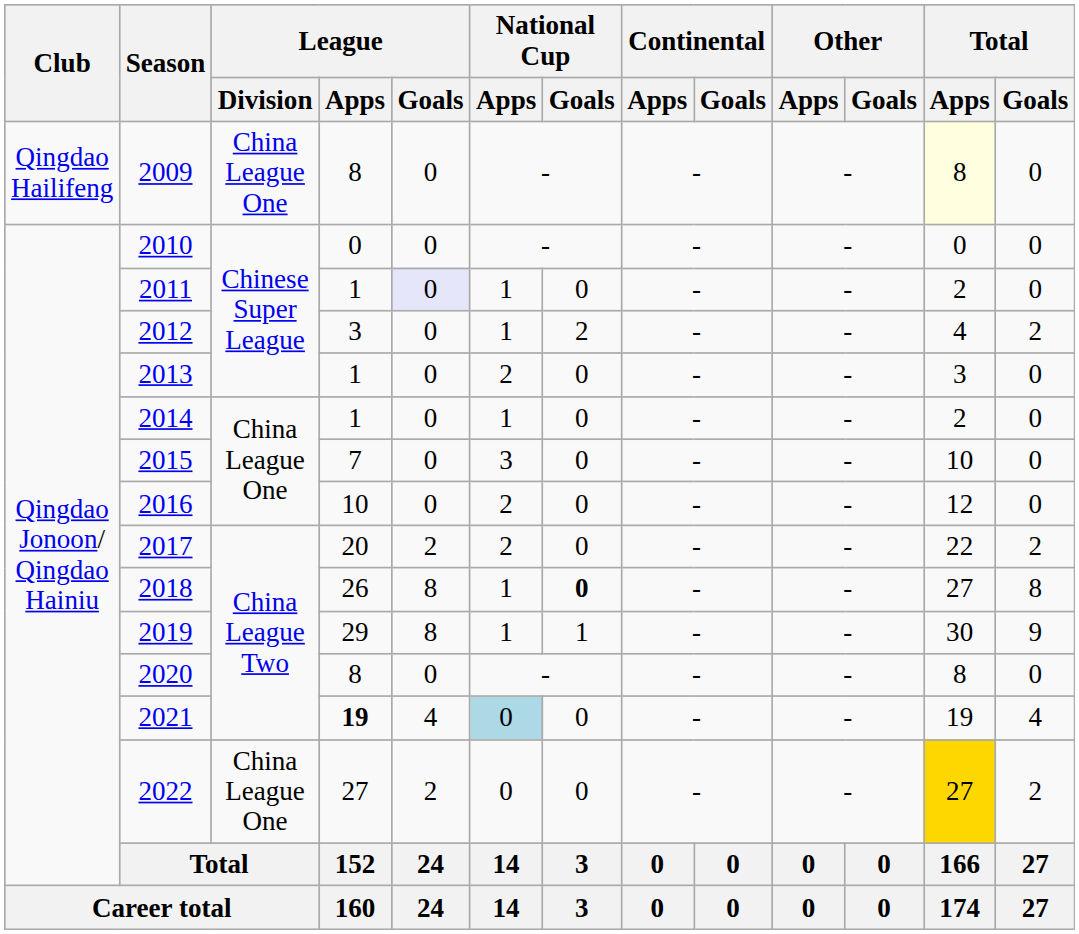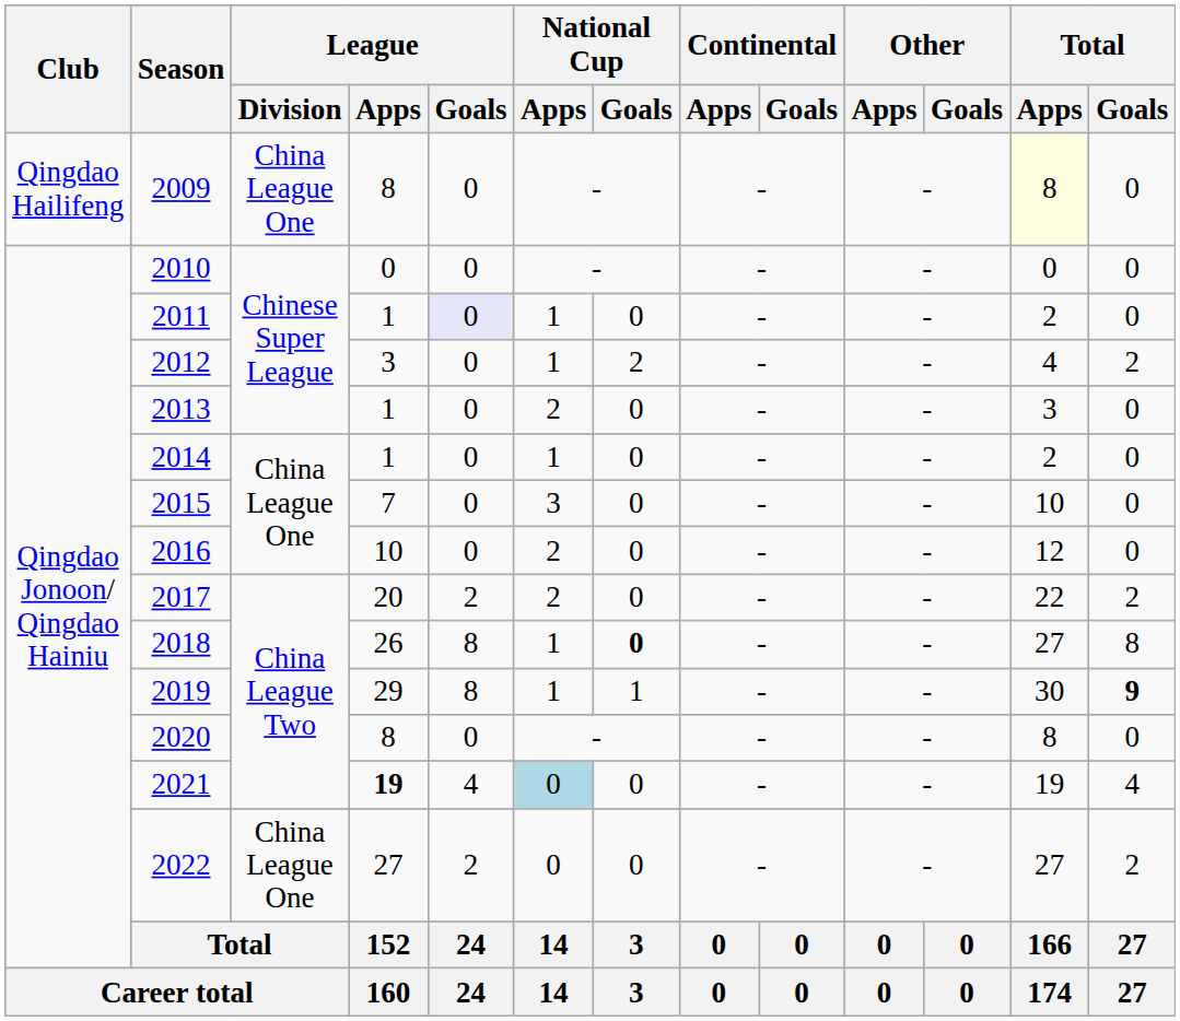 <table class="wikitable" style="text-align: center">
 <tr>
 <th rowspan="2">Club</th>
 <th rowspan="2">Season</th>
 <th colspan="3">League</th>
 <th colspan="2">National Cup</th>
 <th colspan="2">Continental</th>
 <th colspan="2">Other</th>
 <th colspan="2">Total</th>
 </tr>
 <tr>
 <th>Division</th>
 <th>Apps</th>
 <th>Goals</th>
 <th>Apps</th>
 <th>Goals</th>
 <th>Apps</th>
 <th>Goals</th>
 <th>Apps</th>
 <th>Goals</th>
 <th>Apps</th>
 <th>Goals</th>
 </tr>
 <tr>
 <td><a href='#'>Qingdao Hailifeng</a></td>
 <td><a href='#'>2009</a></td>
 <td><a href='#'>China League One</a></td>
 <td>8</td>
 <td>0</td>
 <td colspan="2">-</td>
 <td colspan="2">-</td>
 <td colspan="2">-</td>
 <td style="background: lightyellow;">8</td>
 <td>0</td>
 </tr>
 <tr>
 <td rowspan=14><a href='#'>Qingdao Jonoon</a>/ <br><a href='#'>Qingdao Hainiu</a></td>
 <td><a href='#'>2010</a></td>
 <td rowspan="4"><a href='#'>Chinese Super League</a></td>
 <td>0</td>
 <td>0</td>
 <td colspan="2">-</td>
 <td colspan="2">-</td>
 <td colspan="2">-</td>
 <td>0</td>
 <td>0</td>
 </tr>
 <tr>
 <td><a href='#'>2011</a></td>
 <td>1</td>
 <td style="background: lavender;">0</td>
 <td>1</td>
 <td>0</td>
 <td colspan="2">-</td>
 <td colspan="2">-</td>
 <td>2</td>
 <td>0</td>
 </tr>
 <tr>
 <td><a href='#'>2012</a></td>
 <td>3</td>
 <td>0</td>
 <td>1</td>
 <td>2</td>
 <td colspan="2">-</td>
 <td colspan="2">-</td>
 <td>4</td>
 <td>2</td>
 </tr>
 <tr>
 <td><a href='#'>2013</a></td>
 <td>1</td>
 <td>0</td>
 <td>2</td>
 <td>0</td>
 <td colspan="2">-</td>
 <td colspan="2">-</td>
 <td>3</td>
 <td>0</td>
 </tr>
 <tr>
 <td><a href='#'>2014</a></td>
 <td rowspan="3">China League One</td>
 <td>1</td>
 <td>0</td>
 <td>1</td>
 <td>0</td>
 <td colspan="2">-</td>
 <td colspan="2">-</td>
 <td>2</td>
 <td>0</td>
 </tr>
 <tr>
 <td><a href='#'>2015</a></td>
 <td>7</td>
 <td>0</td>
 <td>3</td>
 <td>0</td>
 <td colspan="2">-</td>
 <td colspan="2">-</td>
 <td>10</td>
 <td>0</td>
 </tr>
 <tr>
 <td><a href='#'>2016</a></td>
 <td>10</td>
 <td>0</td>
 <td>2</td>
 <td>0</td>
 <td colspan="2">-</td>
 <td colspan="2">-</td>
 <td>12</td>
 <td>0</td>
 </tr>
 <tr>
 <td><a href='#'>2017</a></td>
 <td rowspan=5><a href='#'>China League Two</a></td>
 <td>20</td>
 <td>2</td>
 <td>2</td>
 <td>0</td>
 <td colspan="2">-</td>
 <td colspan="2">-</td>
 <td>22</td>
 <td>2</td>
 </tr>
 <tr>
 <td><a href='#'>2018</a></td>
 <td>26</td>
 <td>8</td>
 <td>1</td>
 <td><strong>0</strong></td>
 <td colspan="2">-</td>
 <td colspan="2">-</td>
 <td>27</td>
 <td>8</td>
 </tr>
 <tr>
 <td><a href='#'>2019</a></td>
 <td>29</td>
 <td>8</td>
 <td>1</td>
 <td>1</td>
 <td colspan="2">-</td>
 <td colspan="2">-</td>
 <td>30</td>
-<td>9</td>
+<td><strong>9</strong></td>
 </tr>
 <tr>
 <td><a href='#'>2020</a></td>
 <td>8</td>
 <td>0</td>
 <td colspan="2">-</td>
 <td colspan="2">-</td>
 <td colspan="2">-</td>
 <td>8</td>
 <td>0</td>
 </tr>
 <tr>
 <td><a href='#'>2021</a></td>
 <td><strong>19</strong></td>
 <td>4</td>
 <td style="background: lightblue;">0</td>
 <td>0</td>
 <td colspan="2">-</td>
 <td colspan="2">-</td>
 <td>19</td>
 <td>4</td>
 </tr>
 <tr>
 <td><a href='#'>2022</a></td>
 <td>China League One</td>
 <td>27</td>
 <td>2</td>
 <td>0</td>
 <td>0</td>
 <td colspan="2">-</td>
 <td colspan="2">-</td>
-<td style="background: gold;">27</td>
+<td>27</td>
 <td>2</td>
 </tr>
 <tr>
 <th colspan="2">Total</th>
 <th>152</th>
 <th>24</th>
 <th>14</th>
 <th>3</th>
 <th>0</th>
 <th>0</th>
 <th>0</th>
 <th>0</th>
 <th>166</th>
 <th>27</th>
 </tr>
 <tr>
 <th colspan=3>Career total</th>
 <th>160</th>
 <th>24</th>
 <th>14</th>
 <th>3</th>
 <th>0</th>
 <th>0</th>
 <th>0</th>
 <th>0</th>
 <th>174</th>
 <th>27</th>
 </tr>
 </table>
